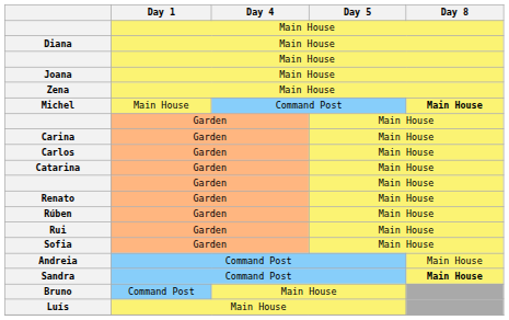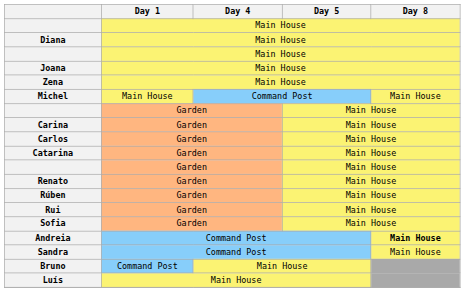 <table class="wikitable" style="text-align:center; font-size:90%; width:40%">
 <tr>
 <th style="width:8%"></th>
 <th style="width:8%">Day 1</th>
 <th style="width:8%">Day 4</th>
 <th style="width:8%">Day 5</th>
 <th style="width:8%">Day 8</th>
 </tr>
 <tr>
 <th></th>
 <td colspan="4" style="background:#FBF373">Main House</td>
 </tr>
 <tr>
 <th>Diana</th>
 <td colspan="4" style="background:#FBF373">Main House</td>
 </tr>
 <tr>
 <th></th>
 <td colspan="4" style="background:#FBF373">Main House</td>
 </tr>
 <tr>
 <th>Joana</th>
 <td colspan="4" style="background:#FBF373">Main House</td>
 </tr>
 <tr>
 <th>Zena</th>
 <td colspan="4" style="background:#FBF373">Main House</td>
 </tr>
 <tr>
 <th>Michel</th>
 <td style="background:#FBF373">Main House</td>
 <td colspan=2 style="background:#87CEFA">Command Post</td>
-<td style="background:#FBF373"><strong>Main House</strong></td>
+<td style="background:#FBF373">Main House</td>
 </tr>
 <tr>
 <th></th>
 <td colspan="2" style="background:#FFB680">Garden</td>
 <td colspan="2" style="background:#FBF373">Main House</td>
 </tr>
 <tr>
 <th>Carina</th>
 <td colspan="2" style="background:#FFB680">Garden</td>
 <td colspan="2" style="background:#FBF373">Main House</td>
 </tr>
 <tr>
 <th>Carlos</th>
 <td colspan="2" style="background:#FFB680">Garden</td>
 <td colspan="2" style="background:#FBF373">Main House</td>
 </tr>
 <tr>
 <th>Catarina</th>
 <td colspan="2" style="background:#FFB680">Garden</td>
 <td colspan="2" style="background:#FBF373">Main House</td>
 </tr>
 <tr>
 <th></th>
 <td colspan="2" style="background:#FFB680">Garden</td>
 <td colspan="2" style="background:#FBF373">Main House</td>
 </tr>
 <tr>
 <th>Renato</th>
 <td colspan="2" style="background:#FFB680">Garden</td>
 <td colspan="2" style="background:#FBF373">Main House</td>
 </tr>
 <tr>
 <th>Rúben</th>
 <td colspan="2" style="background:#FFB680">Garden</td>
 <td colspan="2" style="background:#FBF373">Main House</td>
 </tr>
 <tr>
 <th>Rui</th>
 <td colspan="2" style="background:#FFB680">Garden</td>
 <td colspan="2" style="background:#FBF373">Main House</td>
 </tr>
 <tr>
 <th>Sofia</th>
 <td colspan="2" style="background:#FFB680">Garden</td>
 <td colspan="2" style="background:#FBF373">Main House</td>
 </tr>
 <tr>
 <th>Andreia</th>
 <td colspan="3" style="background:#87CEFA">Command Post</td>
-<td style="background:#FBF373">Main House</td>
+<td style="background:#FBF373"><strong>Main House</strong></td>
 </tr>
 <tr>
 <th>Sandra</th>
 <td colspan="3" style="background:#87CEFA">Command Post</td>
-<td style="background:#FBF373"><strong>Main House</strong></td>
+<td style="background:#FBF373">Main House</td>
 </tr>
 <tr>
 <th>Bruno</th>
 <td style="background:#87CEFA">Command Post</td>
 <td colspan="2" style="background:#FBF373">Main House</td>
 <td style="background:darkgrey"></td>
 </tr>
 <tr>
 <th>Luís</th>
 <td colspan="3" style="background:#FBF373">Main House</td>
 <td style="background:darkgrey"></td>
 </tr>
 <tr>
 </tr>
 </table>
